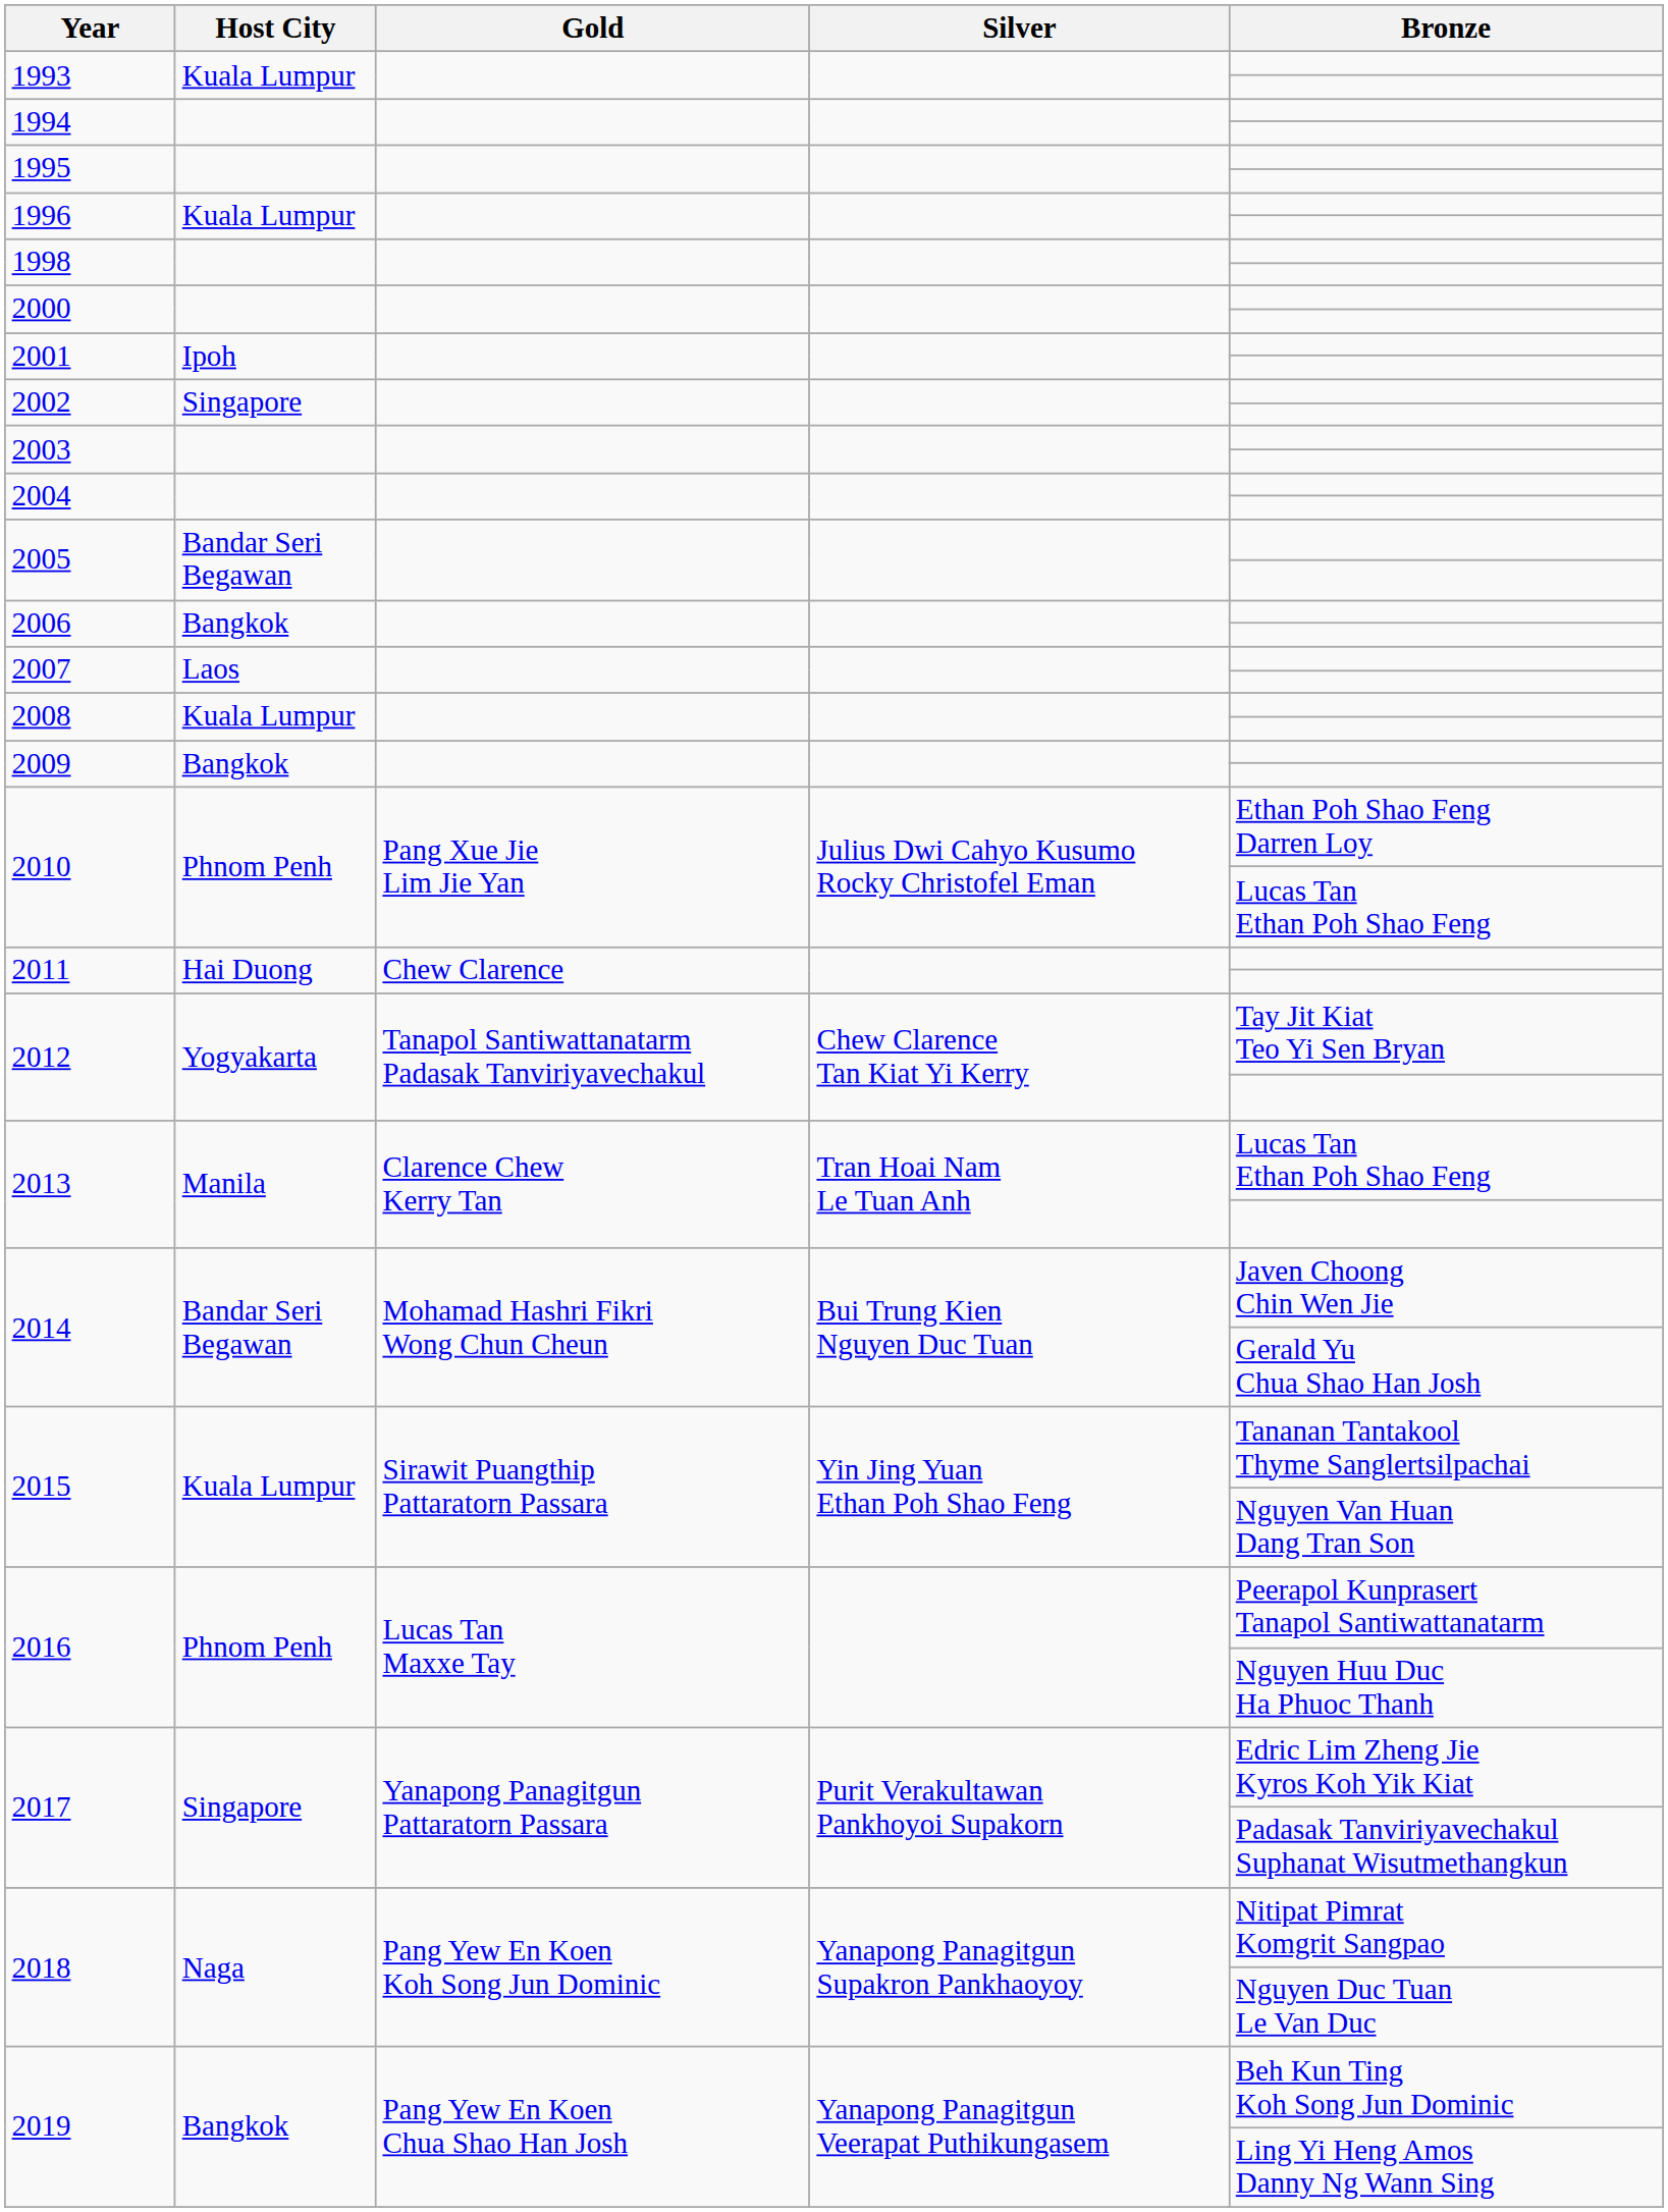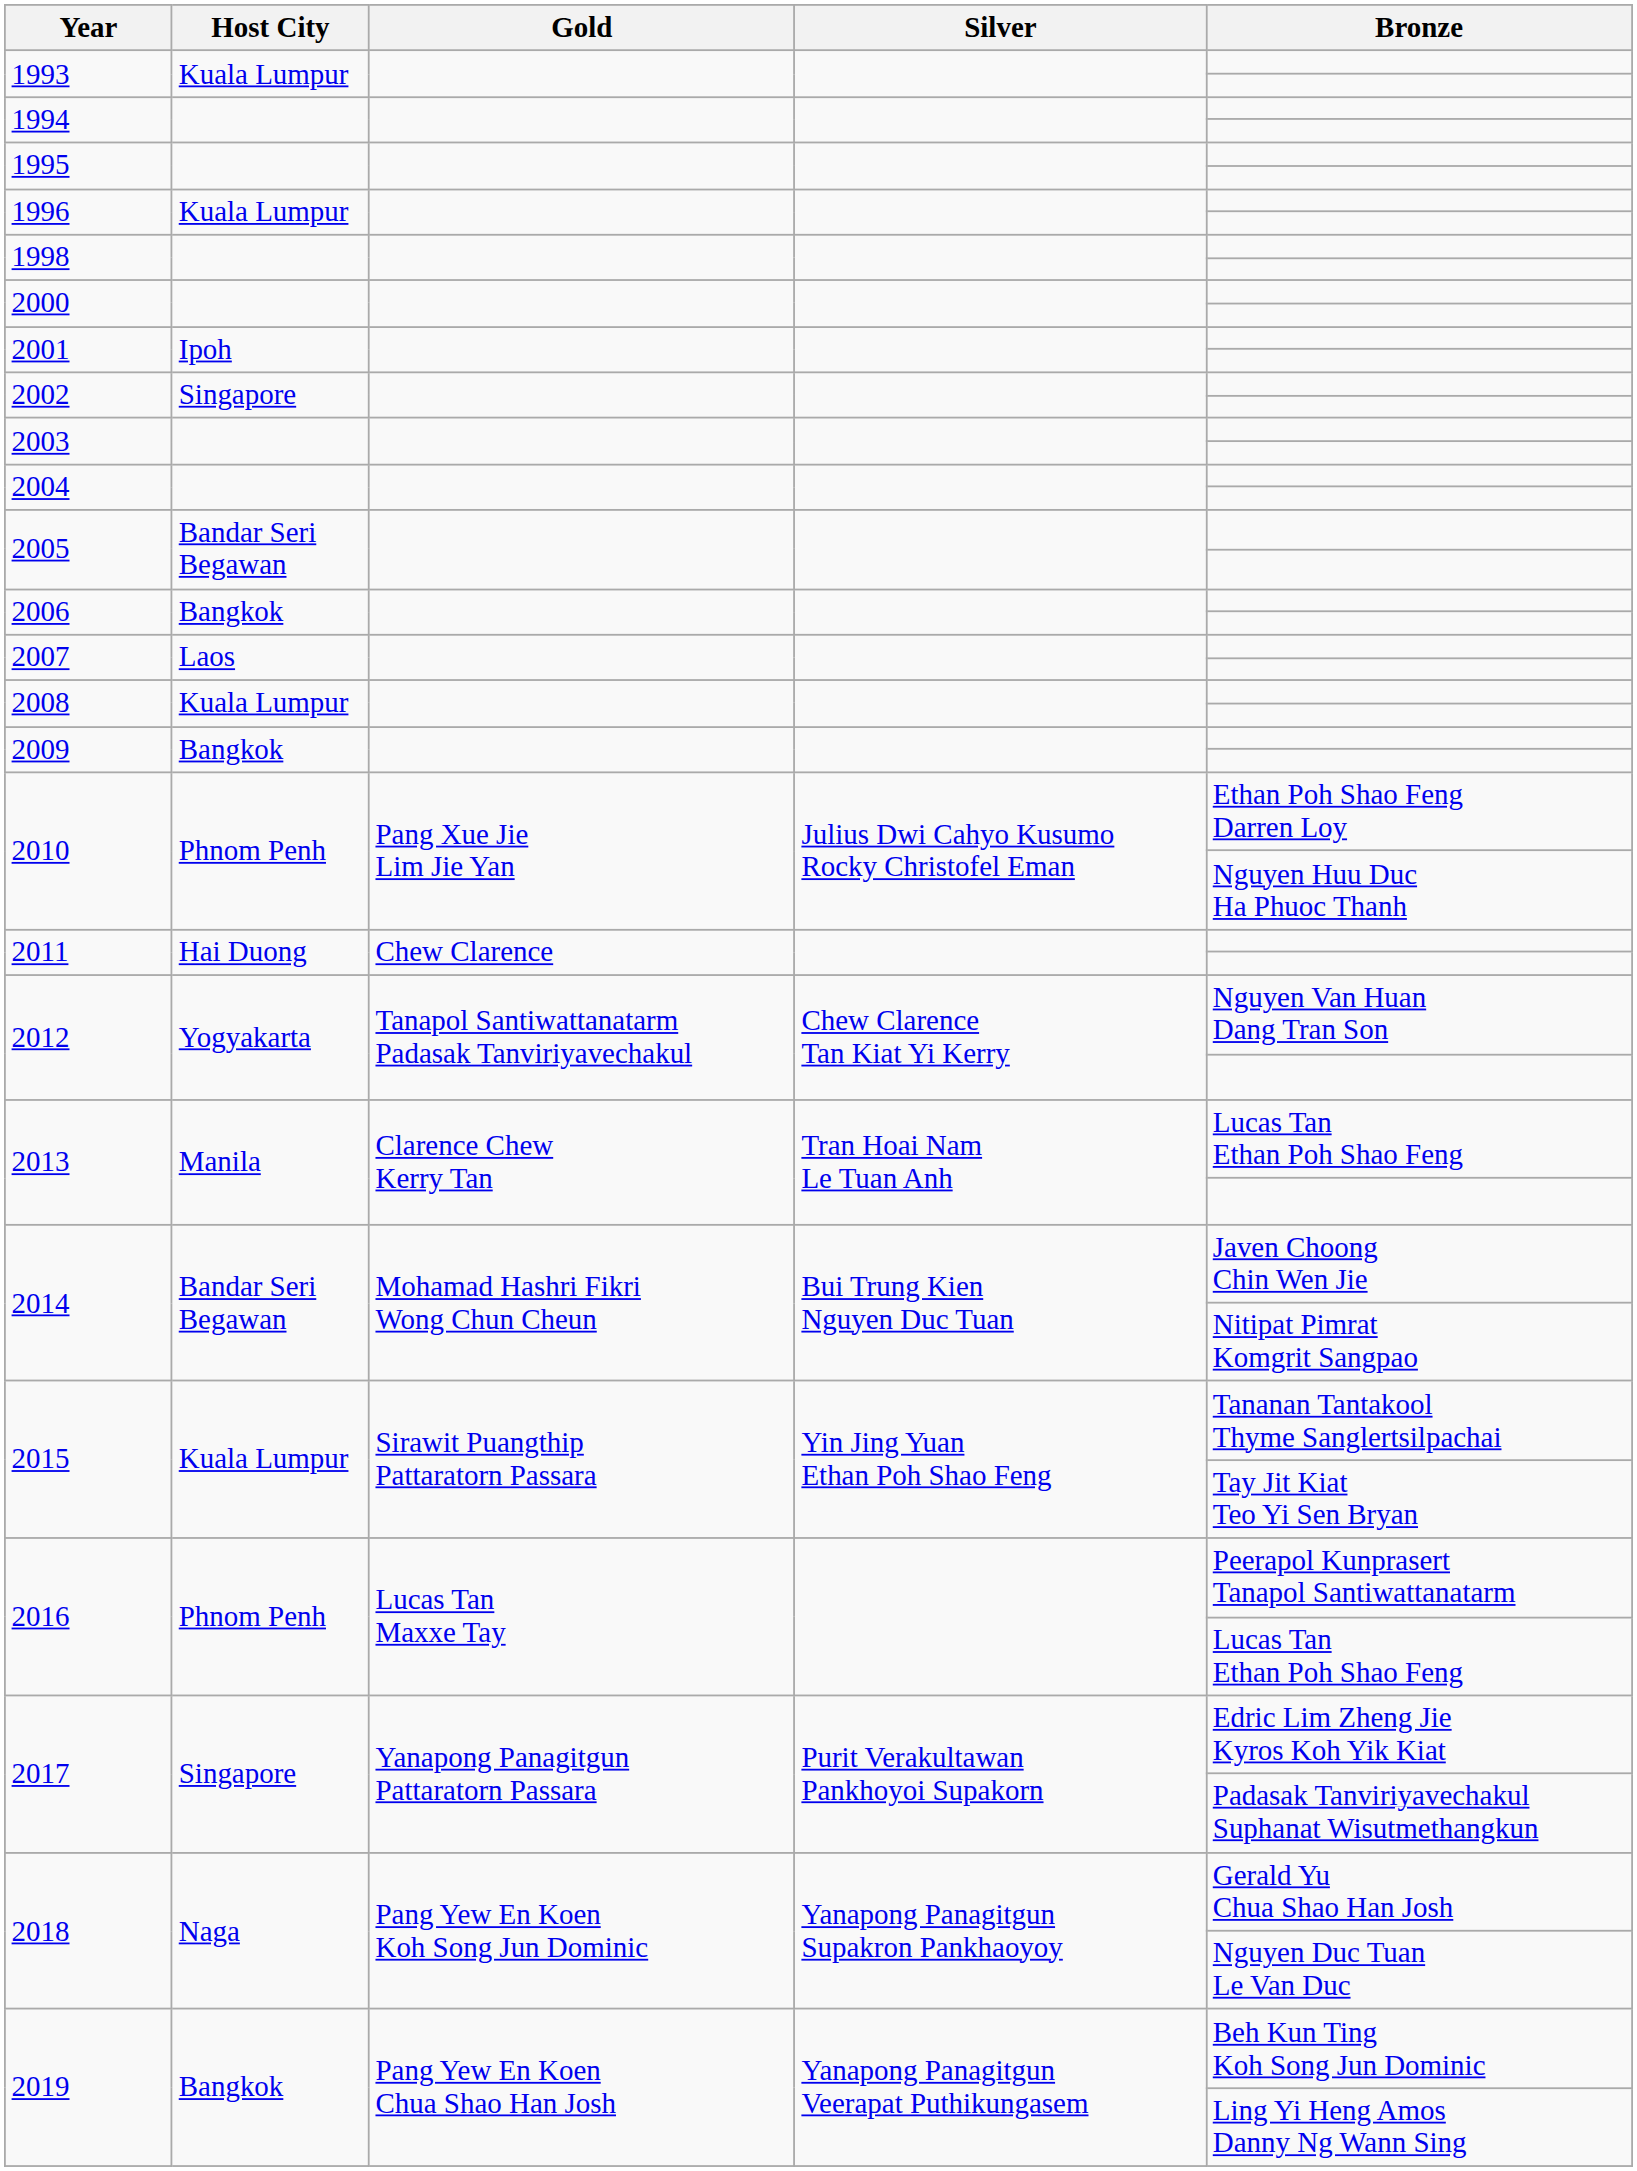 <table class="wikitable sortable" style="width:900px;">
 <tr>
 <th width="120">Year</th>
 <th width="120">Host City</th>
 <th width="300">Gold</th>
 <th width="300">Silver</th>
 <th width="300">Bronze</th>
 </tr>
 <tr>
 <td rowspan=2><a href='#'>1993</a></td>
 <td rowspan=2><a href='#'>Kuala Lumpur</a></td>
 <td rowspan=2></td>
 <td rowspan=2></td>
 <td></td>
 </tr>
 <tr>
 <td></td>
 </tr>
 <tr>
 <td rowspan=2><a href='#'>1994</a></td>
 <td rowspan=2></td>
 <td rowspan=2></td>
 <td rowspan=2></td>
 <td></td>
 </tr>
 <tr>
 <td></td>
 </tr>
 <tr>
 <td rowspan=2><a href='#'>1995</a></td>
 <td rowspan=2></td>
 <td rowspan=2></td>
 <td rowspan=2></td>
 <td></td>
 </tr>
 <tr>
 <td></td>
 </tr>
 <tr>
 <td rowspan=2><a href='#'>1996</a></td>
 <td rowspan=2><a href='#'>Kuala Lumpur</a></td>
 <td rowspan=2></td>
 <td rowspan=2></td>
 <td></td>
 </tr>
 <tr>
 <td></td>
 </tr>
 <tr>
 <td rowspan=2><a href='#'>1998</a></td>
 <td rowspan=2></td>
 <td rowspan=2></td>
 <td rowspan=2></td>
 <td></td>
 </tr>
 <tr>
 <td></td>
 </tr>
 <tr>
 <td rowspan=2><a href='#'>2000</a></td>
 <td rowspan=2></td>
 <td rowspan=2></td>
 <td rowspan=2></td>
 <td></td>
 </tr>
 <tr>
 <td></td>
 </tr>
 <tr>
 <td rowspan=2><a href='#'>2001</a></td>
 <td rowspan=2><a href='#'>Ipoh</a></td>
 <td rowspan=2></td>
 <td rowspan=2></td>
 <td></td>
 </tr>
 <tr>
 <td></td>
 </tr>
 <tr>
 <td rowspan=2><a href='#'>2002</a></td>
 <td rowspan=2><a href='#'>Singapore</a></td>
 <td rowspan=2></td>
 <td rowspan=2></td>
 <td></td>
 </tr>
 <tr>
 <td></td>
 </tr>
 <tr>
 <td rowspan=2><a href='#'>2003</a></td>
 <td rowspan=2></td>
 <td rowspan=2></td>
 <td rowspan=2></td>
 <td></td>
 </tr>
 <tr>
 <td></td>
 </tr>
 <tr>
 <td rowspan=2><a href='#'>2004</a></td>
 <td rowspan=2></td>
 <td rowspan=2></td>
 <td rowspan=2></td>
 <td></td>
 </tr>
 <tr>
 <td></td>
 </tr>
 <tr>
 <td rowspan=2><a href='#'>2005</a></td>
 <td rowspan=2><a href='#'>Bandar Seri Begawan</a></td>
 <td rowspan=2></td>
 <td rowspan=2></td>
 <td></td>
 </tr>
 <tr>
 <td></td>
 </tr>
 <tr>
 <td rowspan=2><a href='#'>2006</a></td>
 <td rowspan=2><a href='#'>Bangkok</a></td>
 <td rowspan=2></td>
 <td rowspan=2></td>
 <td></td>
 </tr>
 <tr>
 <td></td>
 </tr>
 <tr>
 <td rowspan=2><a href='#'>2007</a></td>
 <td rowspan=2><a href='#'>Laos</a></td>
 <td rowspan=2></td>
 <td rowspan=2></td>
 <td></td>
 </tr>
 <tr>
 <td></td>
 </tr>
 <tr>
 <td rowspan=2><a href='#'>2008</a></td>
 <td rowspan=2><a href='#'>Kuala Lumpur</a></td>
 <td rowspan=2></td>
 <td rowspan=2></td>
 <td></td>
 </tr>
 <tr>
 <td></td>
 </tr>
 <tr>
 <td rowspan=2><a href='#'>2009</a></td>
 <td rowspan=2><a href='#'>Bangkok</a></td>
 <td rowspan=2></td>
 <td rowspan=2></td>
 <td></td>
 </tr>
 <tr>
 <td></td>
 </tr>
 <tr>
 <td rowspan=2><a href='#'>2010</a></td>
 <td rowspan=2><a href='#'>Phnom Penh</a></td>
 <td rowspan=2> <a href='#'>Pang Xue Jie</a><br> <a href='#'>Lim Jie Yan</a></td>
 <td rowspan=2> <a href='#'>Julius Dwi Cahyo Kusumo</a><br> <a href='#'>Rocky Christofel Eman</a></td>
 <td> <a href='#'>Ethan Poh Shao Feng</a><br> <a href='#'>Darren Loy</a></td>
 </tr>
 <tr>
-<td> <a href='#'>Lucas Tan</a><br> <a href='#'>Ethan Poh Shao Feng</a></td>
+<td> <a href='#'>Nguyen Huu Duc</a><br> <a href='#'>Ha Phuoc Thanh</a></td>
 </tr>
 <tr>
 <td rowspan=2><a href='#'>2011</a></td>
 <td rowspan=2><a href='#'>Hai Duong</a></td>
 <td rowspan=2> <a href='#'>Chew Clarence</a><br></td>
 <td rowspan=2></td>
 <td></td>
 </tr>
 <tr>
 <td></td>
 </tr>
 <tr>
 <td rowspan=2><a href='#'>2012</a></td>
 <td rowspan=2><a href='#'>Yogyakarta</a></td>
 <td rowspan=2> <a href='#'>Tanapol Santiwattanatarm</a><br> <a href='#'>Padasak Tanviriyavechakul</a></td>
 <td rowspan=2> <a href='#'>Chew Clarence</a><br> <a href='#'>Tan Kiat Yi Kerry</a></td>
-<td> <a href='#'>Tay Jit Kiat</a><br> <a href='#'>Teo Yi Sen Bryan</a></td>
+<td> <a href='#'>Nguyen Van Huan</a><br> <a href='#'>Dang Tran Son</a></td>
 </tr>
 <tr>
 <td> <br></td>
 </tr>
 <tr>
 <td rowspan=2><a href='#'>2013</a></td>
 <td rowspan=2><a href='#'>Manila</a></td>
 <td rowspan=2> <a href='#'>Clarence Chew</a><br> <a href='#'>Kerry Tan</a></td>
 <td rowspan=2> <a href='#'>Tran Hoai Nam</a><br> <a href='#'>Le Tuan Anh</a></td>
 <td> <a href='#'>Lucas Tan</a><br> <a href='#'>Ethan Poh Shao Feng</a></td>
 </tr>
 <tr>
 <td> <br></td>
 </tr>
 <tr>
 <td rowspan=2><a href='#'>2014</a></td>
 <td rowspan=2><a href='#'>Bandar Seri Begawan</a></td>
 <td rowspan=2> <a href='#'>Mohamad Hashri Fikri</a><br> <a href='#'>Wong Chun Cheun</a></td>
 <td rowspan=2> <a href='#'>Bui Trung Kien</a><br> <a href='#'>Nguyen Duc Tuan</a></td>
 <td> <a href='#'>Javen Choong</a><br> <a href='#'>Chin Wen Jie</a></td>
 </tr>
 <tr>
-<td> <a href='#'>Gerald Yu</a><br> <a href='#'>Chua Shao Han Josh</a></td>
+<td> <a href='#'>Nitipat Pimrat</a><br> <a href='#'>Komgrit Sangpao</a></td>
 </tr>
 <tr>
 <td rowspan=2><a href='#'>2015</a></td>
 <td rowspan=2><a href='#'>Kuala Lumpur</a></td>
 <td rowspan=2> <a href='#'>Sirawit Puangthip</a><br> <a href='#'>Pattaratorn Passara</a></td>
 <td rowspan=2> <a href='#'>Yin Jing Yuan</a><br> <a href='#'>Ethan Poh Shao Feng</a></td>
 <td> <a href='#'>Tananan Tantakool</a><br> <a href='#'>Thyme Sanglertsilpachai</a></td>
 </tr>
 <tr>
-<td> <a href='#'>Nguyen Van Huan</a><br> <a href='#'>Dang Tran Son</a></td>
+<td> <a href='#'>Tay Jit Kiat</a><br> <a href='#'>Teo Yi Sen Bryan</a></td>
 </tr>
 <tr>
 <td rowspan=2><a href='#'>2016</a></td>
 <td rowspan=2><a href='#'>Phnom Penh</a></td>
 <td rowspan=2> <a href='#'>Lucas Tan</a><br> <a href='#'>Maxxe Tay</a></td>
 <td rowspan=2> <br></td>
 <td> <a href='#'>Peerapol Kunprasert</a><br> <a href='#'>Tanapol Santiwattanatarm</a></td>
 </tr>
 <tr>
-<td> <a href='#'>Nguyen Huu Duc</a><br> <a href='#'>Ha Phuoc Thanh</a></td>
+<td> <a href='#'>Lucas Tan</a><br> <a href='#'>Ethan Poh Shao Feng</a></td>
 </tr>
 <tr>
 <td rowspan=2><a href='#'>2017</a></td>
 <td rowspan=2><a href='#'>Singapore</a></td>
 <td rowspan=2> <a href='#'>Yanapong Panagitgun</a><br> <a href='#'>Pattaratorn Passara</a></td>
 <td rowspan=2> <a href='#'>Purit Verakultawan</a><br> <a href='#'>Pankhoyoi Supakorn</a></td>
 <td> <a href='#'>Edric Lim Zheng Jie</a><br> <a href='#'>Kyros Koh Yik Kiat</a></td>
 </tr>
 <tr>
 <td> <a href='#'>Padasak Tanviriyavechakul</a><br> <a href='#'>Suphanat Wisutmethangkun</a></td>
 </tr>
 <tr>
 <td rowspan=2><a href='#'>2018</a></td>
 <td rowspan=2><a href='#'>Naga</a></td>
 <td rowspan=2> <a href='#'>Pang Yew En Koen</a><br> <a href='#'>Koh Song Jun Dominic</a></td>
 <td rowspan=2> <a href='#'>Yanapong Panagitgun</a><br> <a href='#'>Supakron Pankhaoyoy</a></td>
-<td> <a href='#'>Nitipat Pimrat</a><br> <a href='#'>Komgrit Sangpao</a></td>
+<td> <a href='#'>Gerald Yu</a><br> <a href='#'>Chua Shao Han Josh</a></td>
 </tr>
 <tr>
 <td> <a href='#'>Nguyen Duc Tuan</a><br> <a href='#'>Le Van Duc</a></td>
 </tr>
 <tr>
 <td rowspan=2><a href='#'>2019</a></td>
 <td rowspan=2><a href='#'>Bangkok</a></td>
 <td rowspan=2> <a href='#'>Pang Yew En Koen</a><br> <a href='#'>Chua Shao Han Josh</a></td>
 <td rowspan=2> <a href='#'>Yanapong Panagitgun</a><br> <a href='#'>Veerapat Puthikungasem</a></td>
 <td> <a href='#'>Beh Kun Ting</a><br> <a href='#'>Koh Song Jun Dominic</a></td>
 </tr>
 <tr>
 <td> <a href='#'>Ling Yi Heng Amos</a><br> <a href='#'>Danny Ng Wann Sing</a></td>
 </tr>
 </table>
